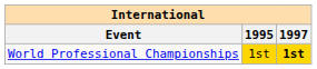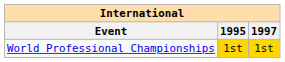 <table class="wikitable" style="text-align:center">
 <tr>
 <th style="background-color: #ffdead; " colspan=3 align=center>International</th>
 </tr>
 <tr>
 <th>Event</th>
 <th>1995</th>
 <th>1997</th>
 </tr>
 <tr>
 <td align=left><a href='#'>World Professional Championships</a></td>
 <td bgcolor=gold>1st</td>
-<td bgcolor=gold><strong>1st</strong></td>
+<td bgcolor=gold>1st</td>
 </tr>
 </table>
